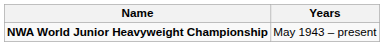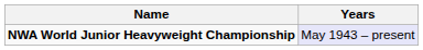 <table class="wikitable">
 <tr>
 <th>Name</th>
 <th>Years</th>
 </tr>
 <tr>
 <td><strong>NWA World Junior Heavyweight Championship</strong></td>
-<td>May 1943 – present</td>
+<td style="background: lavender;">May 1943 – present</td>
 </tr>
 </table>
